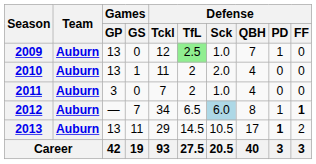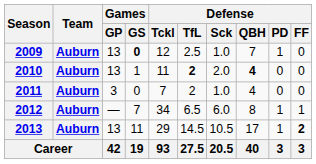 <table class="wikitable" style="text-align:center;">
 <tr>
 <th rowspan="2">Season</th>
 <th rowspan="2">Team</th>
 <th colspan="2">Games</th>
 <th colspan="6">Defense</th>
 </tr>
 <tr>
 <th>GP</th>
 <th>GS</th>
 <th>Tckl</th>
 <th>TfL</th>
 <th>Sck</th>
 <th>QBH</th>
 <th>PD</th>
 <th>FF</th>
 </tr>
 <tr>
 <th><a href='#'>2009</a></th>
 <th><a href='#'>Auburn</a></th>
 <td>13</td>
-<td>0</td>
+<td><strong>0</strong></td>
 <td>12</td>
-<td style="background: lightgreen;">2.5</td>
+<td>2.5</td>
 <td>1.0</td>
 <td>7</td>
 <td>1</td>
 <td>0</td>
 </tr>
 <tr>
 <th><a href='#'>2010</a></th>
 <th><a href='#'>Auburn</a></th>
 <td>13</td>
 <td>1</td>
 <td>11</td>
-<td>2</td>
+<td><strong>2</strong></td>
 <td>2.0</td>
-<td>4</td>
+<td><strong>4</strong></td>
 <td>0</td>
 <td>0</td>
 </tr>
 <tr>
 <th><a href='#'>2011</a></th>
 <th><a href='#'>Auburn</a></th>
 <td>3</td>
 <td>0</td>
 <td>7</td>
 <td>2</td>
 <td>1.0</td>
 <td>4</td>
 <td>0</td>
 <td>0</td>
 </tr>
 <tr>
 <th><a href='#'>2012</a></th>
 <th><a href='#'>Auburn</a></th>
 <td>—</td>
 <td>7</td>
 <td>34</td>
 <td>6.5</td>
-<td style="background: lightblue;">6.0</td>
+<td>6.0</td>
 <td>8</td>
 <td>1</td>
-<td><strong>1</strong></td>
+<td>1</td>
 </tr>
 <tr>
 <th><a href='#'>2013</a></th>
 <th><a href='#'>Auburn</a></th>
 <td>13</td>
 <td>11</td>
 <td>29</td>
 <td>14.5</td>
 <td>10.5</td>
 <td>17</td>
-<td><strong>1</strong></td>
-<td>2</td>
+<td>1</td>
+<td><strong>2</strong></td>
 </tr>
 <tr>
 <th colspan="2">Career</th>
 <th>42</th>
 <th>19</th>
 <th>93</th>
 <th>27.5</th>
 <th>20.5</th>
 <th>40</th>
 <th>3</th>
 <th>3</th>
 </tr>
 </table>
